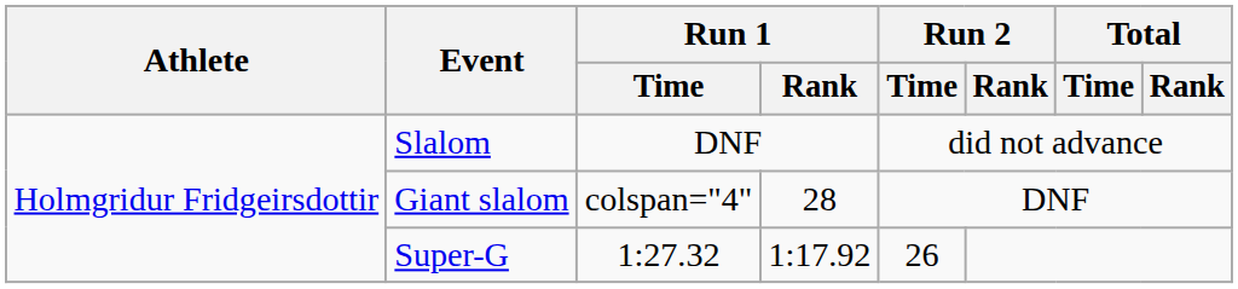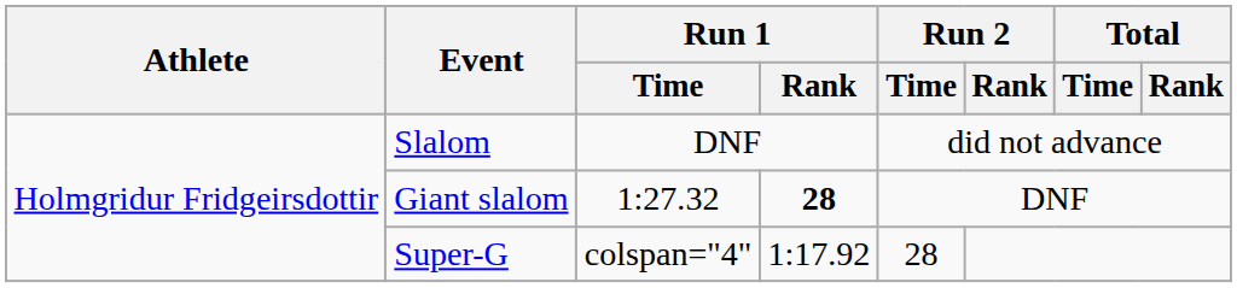 <table class="wikitable" style="font-size:90%">
 <tr>
 <th rowspan=2>Athlete</th>
 <th rowspan=2>Event</th>
 <th colspan=2>Run 1</th>
 <th colspan=2>Run 2</th>
 <th colspan=2>Total</th>
 </tr>
 <tr style="font-size:95%">
 <th>Time</th>
 <th>Rank</th>
 <th>Time</th>
 <th>Rank</th>
 <th>Time</th>
 <th>Rank</th>
 </tr>
 <tr align=center>
 <td align="left" rowspan="3"><a href='#'>Holmgridur Fridgeirsdottir</a></td>
 <td align="left"><a href='#'>Slalom</a></td>
 <td colspan=2>DNF</td>
 <td colspan=4>did not advance</td>
 </tr>
 <tr align=center>
 <td align="left"><a href='#'>Giant slalom</a></td>
-<td>colspan="4" </td>
-<td>28</td>
+<td>1:27.32</td>
+<td><strong>28</strong></td>
 <td colspan=4>DNF</td>
 </tr>
 <tr align=center>
 <td align="left"><a href='#'>Super-G</a></td>
-<td>1:27.32</td>
+<td>colspan="4" </td>
 <td>1:17.92</td>
-<td>26</td>
+<td>28</td>
 </tr>
 </table>
